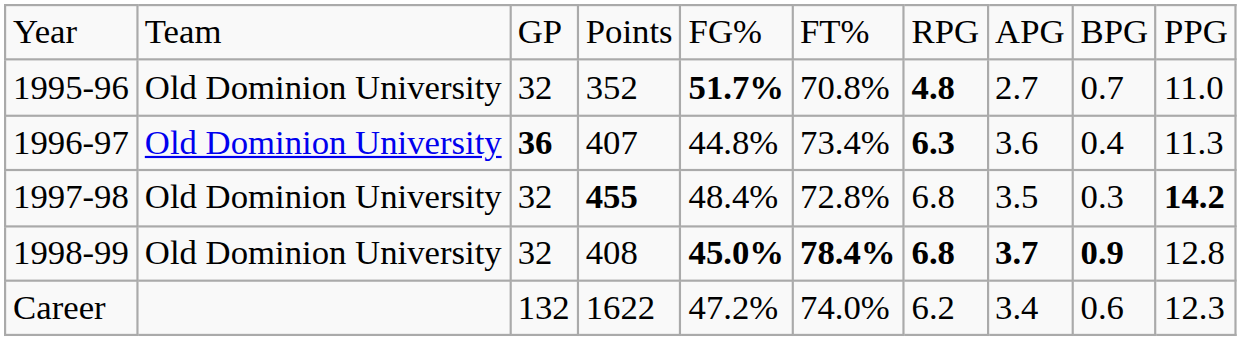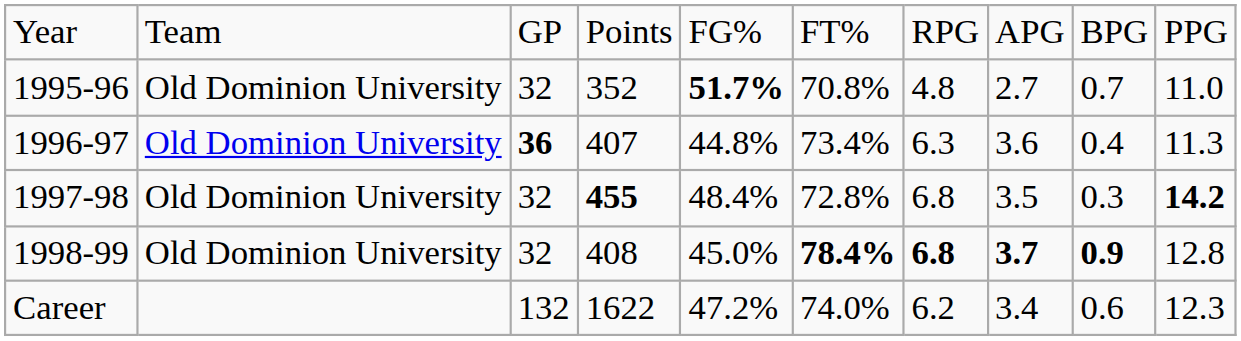 <table class="wikitable">
 <tr>
 <td>Year</td>
 <td>Team</td>
 <td>GP</td>
 <td>Points</td>
 <td>FG%</td>
 <td>FT%</td>
 <td>RPG</td>
 <td>APG</td>
 <td>BPG</td>
 <td>PPG</td>
 </tr>
 <tr>
 <td>1995-96</td>
 <td>Old Dominion University</td>
 <td>32</td>
 <td>352</td>
 <td><strong>51.7%</strong></td>
 <td>70.8%</td>
-<td><strong>4.8</strong></td>
+<td>4.8</td>
 <td>2.7</td>
 <td>0.7</td>
 <td>11.0</td>
 </tr>
 <tr>
 <td>1996-97</td>
 <td><a href='#'>Old Dominion University</a></td>
 <td><strong>36</strong></td>
 <td>407</td>
 <td>44.8%</td>
 <td>73.4%</td>
-<td><strong>6.3</strong></td>
+<td>6.3</td>
 <td>3.6</td>
 <td>0.4</td>
 <td>11.3</td>
 </tr>
 <tr>
 <td>1997-98</td>
 <td>Old Dominion University</td>
 <td>32</td>
 <td><strong>455</strong></td>
 <td>48.4%</td>
 <td>72.8%</td>
 <td>6.8</td>
 <td>3.5</td>
 <td>0.3</td>
 <td><strong>14.2</strong></td>
 </tr>
 <tr>
 <td>1998-99</td>
 <td>Old Dominion University</td>
 <td>32</td>
 <td>408</td>
-<td><strong>45.0%</strong></td>
+<td>45.0%</td>
 <td><strong>78.4%</strong></td>
 <td><strong>6.8</strong></td>
 <td><strong>3.7</strong></td>
 <td><strong>0.9</strong></td>
 <td>12.8</td>
 </tr>
 <tr>
 <td>Career</td>
 <td></td>
 <td>132</td>
 <td>1622</td>
 <td>47.2%</td>
 <td>74.0%</td>
 <td>6.2</td>
 <td>3.4</td>
 <td>0.6</td>
 <td>12.3</td>
 </tr>
 </table>
